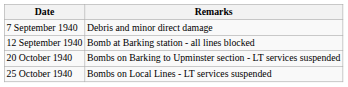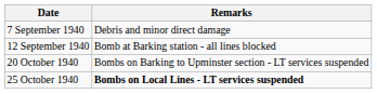 <table class="wikitable">
 <tr>
 <th>Date</th>
 <th>Remarks</th>
 </tr>
 <tr>
 <td>7 September 1940</td>
 <td>Debris and minor direct damage</td>
 </tr>
 <tr>
 <td>12 September 1940</td>
 <td>Bomb at Barking station - all lines blocked</td>
 </tr>
 <tr>
 <td>20 October 1940</td>
 <td>Bombs on Barking to Upminster section - LT services suspended</td>
 </tr>
 <tr>
 <td>25 October 1940</td>
-<td>Bombs on Local Lines - LT services suspended</td>
+<td><strong>Bombs on Local Lines - LT services suspended</strong></td>
 </tr>
 </table>
